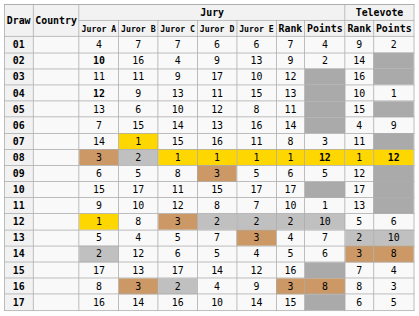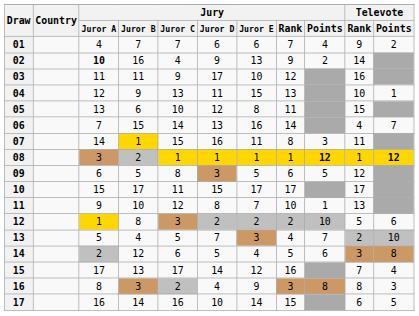 <table class="sortable wikitable collapsible plainrowheaders" style="text-align:center;">
 <tr>
 </tr>
 <tr>
 <th scope="col" rowspan="2">Draw</th>
 <th scope="col" rowspan="2">Country</th>
 <th scope="col" colspan="7">Jury</th>
 <th scope="col" colspan="2">Televote</th>
 </tr>
 <tr>
 <th scope="col"><small>Juror A</small></th>
 <th scope="col"><small>Juror B</small></th>
 <th scope="col"><small>Juror C</small></th>
 <th scope="col"><small>Juror D</small></th>
 <th scope="col"><small>Juror E</small></th>
 <th scope="col">Rank</th>
 <th scope="col">Points</th>
 <th scope="col">Rank</th>
 <th scope="col">Points</th>
 </tr>
 <tr>
 <th scope="row" style="text-align:center;">01</th>
 <td style="text-align:left;"></td>
 <td>4</td>
 <td>7</td>
 <td>7</td>
 <td>6</td>
 <td>6</td>
 <td>7</td>
 <td>4</td>
 <td>9</td>
 <td>2</td>
 </tr>
 <tr>
 <th scope="row" style="text-align:center;">02</th>
 <td style="text-align:left;"></td>
 <td><strong>10</strong></td>
 <td>16</td>
 <td>4</td>
 <td>9</td>
 <td>13</td>
 <td>9</td>
 <td>2</td>
 <td>14</td>
 <td style="background:#AAAAAA;"></td>
 </tr>
 <tr>
 <th scope="row" style="text-align:center;">03</th>
 <td style="text-align:left;"></td>
 <td>11</td>
 <td>11</td>
 <td>9</td>
 <td>17</td>
 <td>10</td>
 <td>12</td>
 <td style="background:#AAAAAA;"></td>
 <td>16</td>
 <td style="background:#AAAAAA;"></td>
 </tr>
 <tr>
 <th scope="row" style="text-align:center;">04</th>
 <td style="text-align:left;"></td>
-<td><strong>12</strong></td>
+<td>12</td>
 <td>9</td>
 <td>13</td>
 <td>11</td>
 <td>15</td>
 <td>13</td>
 <td style="background:#AAAAAA;"></td>
 <td>10</td>
 <td>1</td>
 </tr>
 <tr>
 <th scope="row" style="text-align:center;">05</th>
 <td style="text-align:left;"></td>
 <td>13</td>
 <td>6</td>
 <td>10</td>
 <td>12</td>
 <td>8</td>
 <td>11</td>
 <td style="background:#AAAAAA;"></td>
 <td>15</td>
 <td style="background:#AAAAAA;"></td>
 </tr>
 <tr>
 <th scope="row" style="text-align:center;">06</th>
 <td style="text-align:left;"></td>
 <td>7</td>
 <td>15</td>
 <td>14</td>
 <td>13</td>
 <td>16</td>
 <td>14</td>
 <td style="background:#AAAAAA;"></td>
 <td>4</td>
-<td>9</td>
+<td>7</td>
 </tr>
 <tr>
 <th scope="row" style="text-align:center;">07</th>
 <td style="text-align:left;"></td>
 <td>14</td>
 <td style="background:gold;">1</td>
 <td>15</td>
 <td>16</td>
 <td>11</td>
 <td>8</td>
 <td>3</td>
 <td>11</td>
 <td style="background:#AAAAAA;"></td>
 </tr>
 <tr>
 <th scope="row" style="text-align:center;">08</th>
 <td style="text-align:left;"></td>
 <td style="background:#CC9966;">3</td>
 <td style="background:silver;">2</td>
 <td style="background:gold;">1</td>
 <td style="background:gold;">1</td>
 <td style="background:gold;">1</td>
 <td style="background:gold;">1</td>
 <td style="background:gold;"><strong>12</strong></td>
 <td style="background:gold;">1</td>
 <td style="background:gold;"><strong>12</strong></td>
 </tr>
 <tr>
 <th scope="row" style="text-align:center;">09</th>
 <td style="text-align:left;"></td>
 <td>6</td>
 <td>5</td>
 <td>8</td>
 <td style="background:#CC9966;">3</td>
 <td>5</td>
 <td>6</td>
 <td>5</td>
 <td>12</td>
 <td style="background:#AAAAAA;"></td>
 </tr>
 <tr>
 <th scope="row" style="text-align:center;">10</th>
 <td style="text-align:left;"></td>
 <td>15</td>
 <td>17</td>
 <td>11</td>
 <td>15</td>
 <td>17</td>
 <td>17</td>
 <td style="background:#AAAAAA;"></td>
 <td>17</td>
 <td style="background:#AAAAAA;"></td>
 </tr>
 <tr>
 <th scope="row" style="text-align:center;">11</th>
 <td style="text-align:left;"></td>
 <td>9</td>
 <td>10</td>
 <td>12</td>
 <td>8</td>
 <td>7</td>
 <td>10</td>
 <td>1</td>
 <td>13</td>
 <td style="background:#AAAAAA;"></td>
 </tr>
 <tr>
 <th scope="row" style="text-align:center;">12</th>
 <td style="text-align:left;"></td>
 <td style="background:gold;">1</td>
 <td>8</td>
 <td style="background:#CC9966;">3</td>
 <td style="background:silver;">2</td>
 <td style="background:silver;">2</td>
 <td style="background:silver;">2</td>
 <td style="background:silver;">10</td>
 <td>5</td>
 <td>6</td>
 </tr>
 <tr>
 <th scope="row" style="text-align:center;">13</th>
 <td style="text-align:left;"></td>
 <td>5</td>
 <td>4</td>
 <td>5</td>
 <td>7</td>
 <td style="background:#CC9966;">3</td>
 <td>4</td>
 <td>7</td>
 <td style="background:silver;">2</td>
 <td style="background:silver;">10</td>
 </tr>
 <tr>
 <th scope="row" style="text-align:center;">14</th>
 <td style="text-align:left;"></td>
 <td style="background:silver;">2</td>
 <td>12</td>
 <td>6</td>
 <td>5</td>
 <td>4</td>
 <td>5</td>
 <td>6</td>
 <td style="background:#CC9966;">3</td>
 <td style="background:#CC9966;">8</td>
 </tr>
 <tr>
 <th scope="row" style="text-align:center;">15</th>
 <td style="text-align:left;"></td>
 <td>17</td>
 <td>13</td>
 <td>17</td>
 <td>14</td>
 <td>12</td>
 <td>16</td>
 <td style="background:#AAAAAA;"></td>
 <td>7</td>
 <td>4</td>
 </tr>
 <tr>
 <th scope="row" style="text-align:center;">16</th>
 <td style="text-align:left;"></td>
 <td>8</td>
 <td style="background:#CC9966;">3</td>
 <td style="background:silver;">2</td>
 <td>4</td>
 <td>9</td>
 <td style="background:#CC9966;">3</td>
 <td style="background:#CC9966;">8</td>
 <td>8</td>
 <td>3</td>
 </tr>
 <tr>
 <th scope="row" style="text-align:center;">17</th>
 <td style="text-align:left;"></td>
 <td>16</td>
 <td>14</td>
 <td>16</td>
 <td>10</td>
 <td>14</td>
 <td>15</td>
 <td style="background:#AAAAAA;"></td>
 <td>6</td>
 <td>5</td>
 </tr>
 </table>
